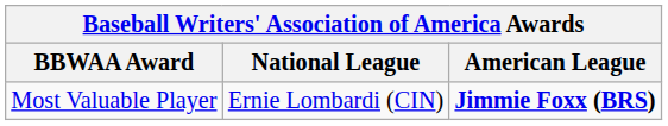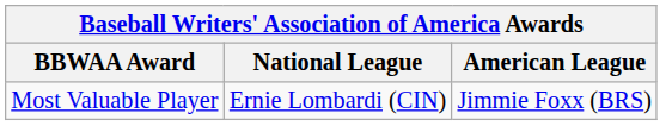 <table class="wikitable">
 <tr>
 <th colspan="3"><a href='#'>Baseball Writers' Association of America</a> Awards</th>
 </tr>
 <tr>
 <th>BBWAA Award</th>
 <th>National League</th>
 <th>American League</th>
 </tr>
 <tr>
 <td><a href='#'>Most Valuable Player</a></td>
 <td><a href='#'>Ernie Lombardi</a> (<a href='#'>CIN</a>)</td>
-<td><strong><a href='#'>Jimmie Foxx</a> (<a href='#'>BRS</a>)</strong></td>
+<td><a href='#'>Jimmie Foxx</a> (<a href='#'>BRS</a>)</td>
 </tr>
 </table>
